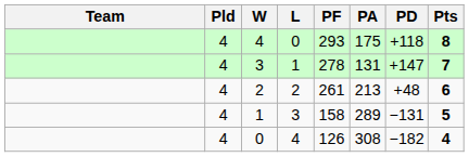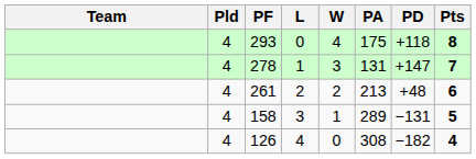 <table class=wikitable style="text-align:center">
 <tr>
 <th width=200>Team</th>
 <th width=30>Pld</th>
+<th width=30>PF</th>
+<th width=30>L</th>
 <th width=30>W</th>
-<th width=30>L</th>
-<th width=30>PF</th>
 <th width=30>PA</th>
 <th width=30>PD</th>
 <th width=30>Pts</th>
 </tr>
 <tr bgcolor="#ccffcc">
 <td align=left></td>
 <td>4</td>
+<td>293</td>
+<td>0</td>
 <td>4</td>
-<td>0</td>
-<td>293</td>
 <td>175</td>
 <td>+118</td>
 <td><strong>8</strong></td>
 </tr>
 <tr bgcolor="#ccffcc">
 <td align=left></td>
 <td>4</td>
+<td>278</td>
+<td>1</td>
 <td>3</td>
-<td>1</td>
-<td>278</td>
 <td>131</td>
 <td>+147</td>
 <td><strong>7</strong></td>
 </tr>
 <tr>
 <td align=left></td>
 <td>4</td>
+<td>261</td>
 <td>2</td>
 <td>2</td>
-<td>261</td>
 <td>213</td>
 <td>+48</td>
 <td><strong>6</strong></td>
 </tr>
 <tr>
 <td align=left></td>
 <td>4</td>
+<td>158</td>
+<td>3</td>
 <td>1</td>
-<td>3</td>
-<td>158</td>
 <td>289</td>
 <td>−131</td>
 <td><strong>5</strong></td>
 </tr>
 <tr>
 <td align=left></td>
 <td>4</td>
+<td>126</td>
+<td>4</td>
 <td>0</td>
-<td>4</td>
-<td>126</td>
 <td>308</td>
 <td>−182</td>
 <td><strong>4</strong></td>
 </tr>
 </table>
